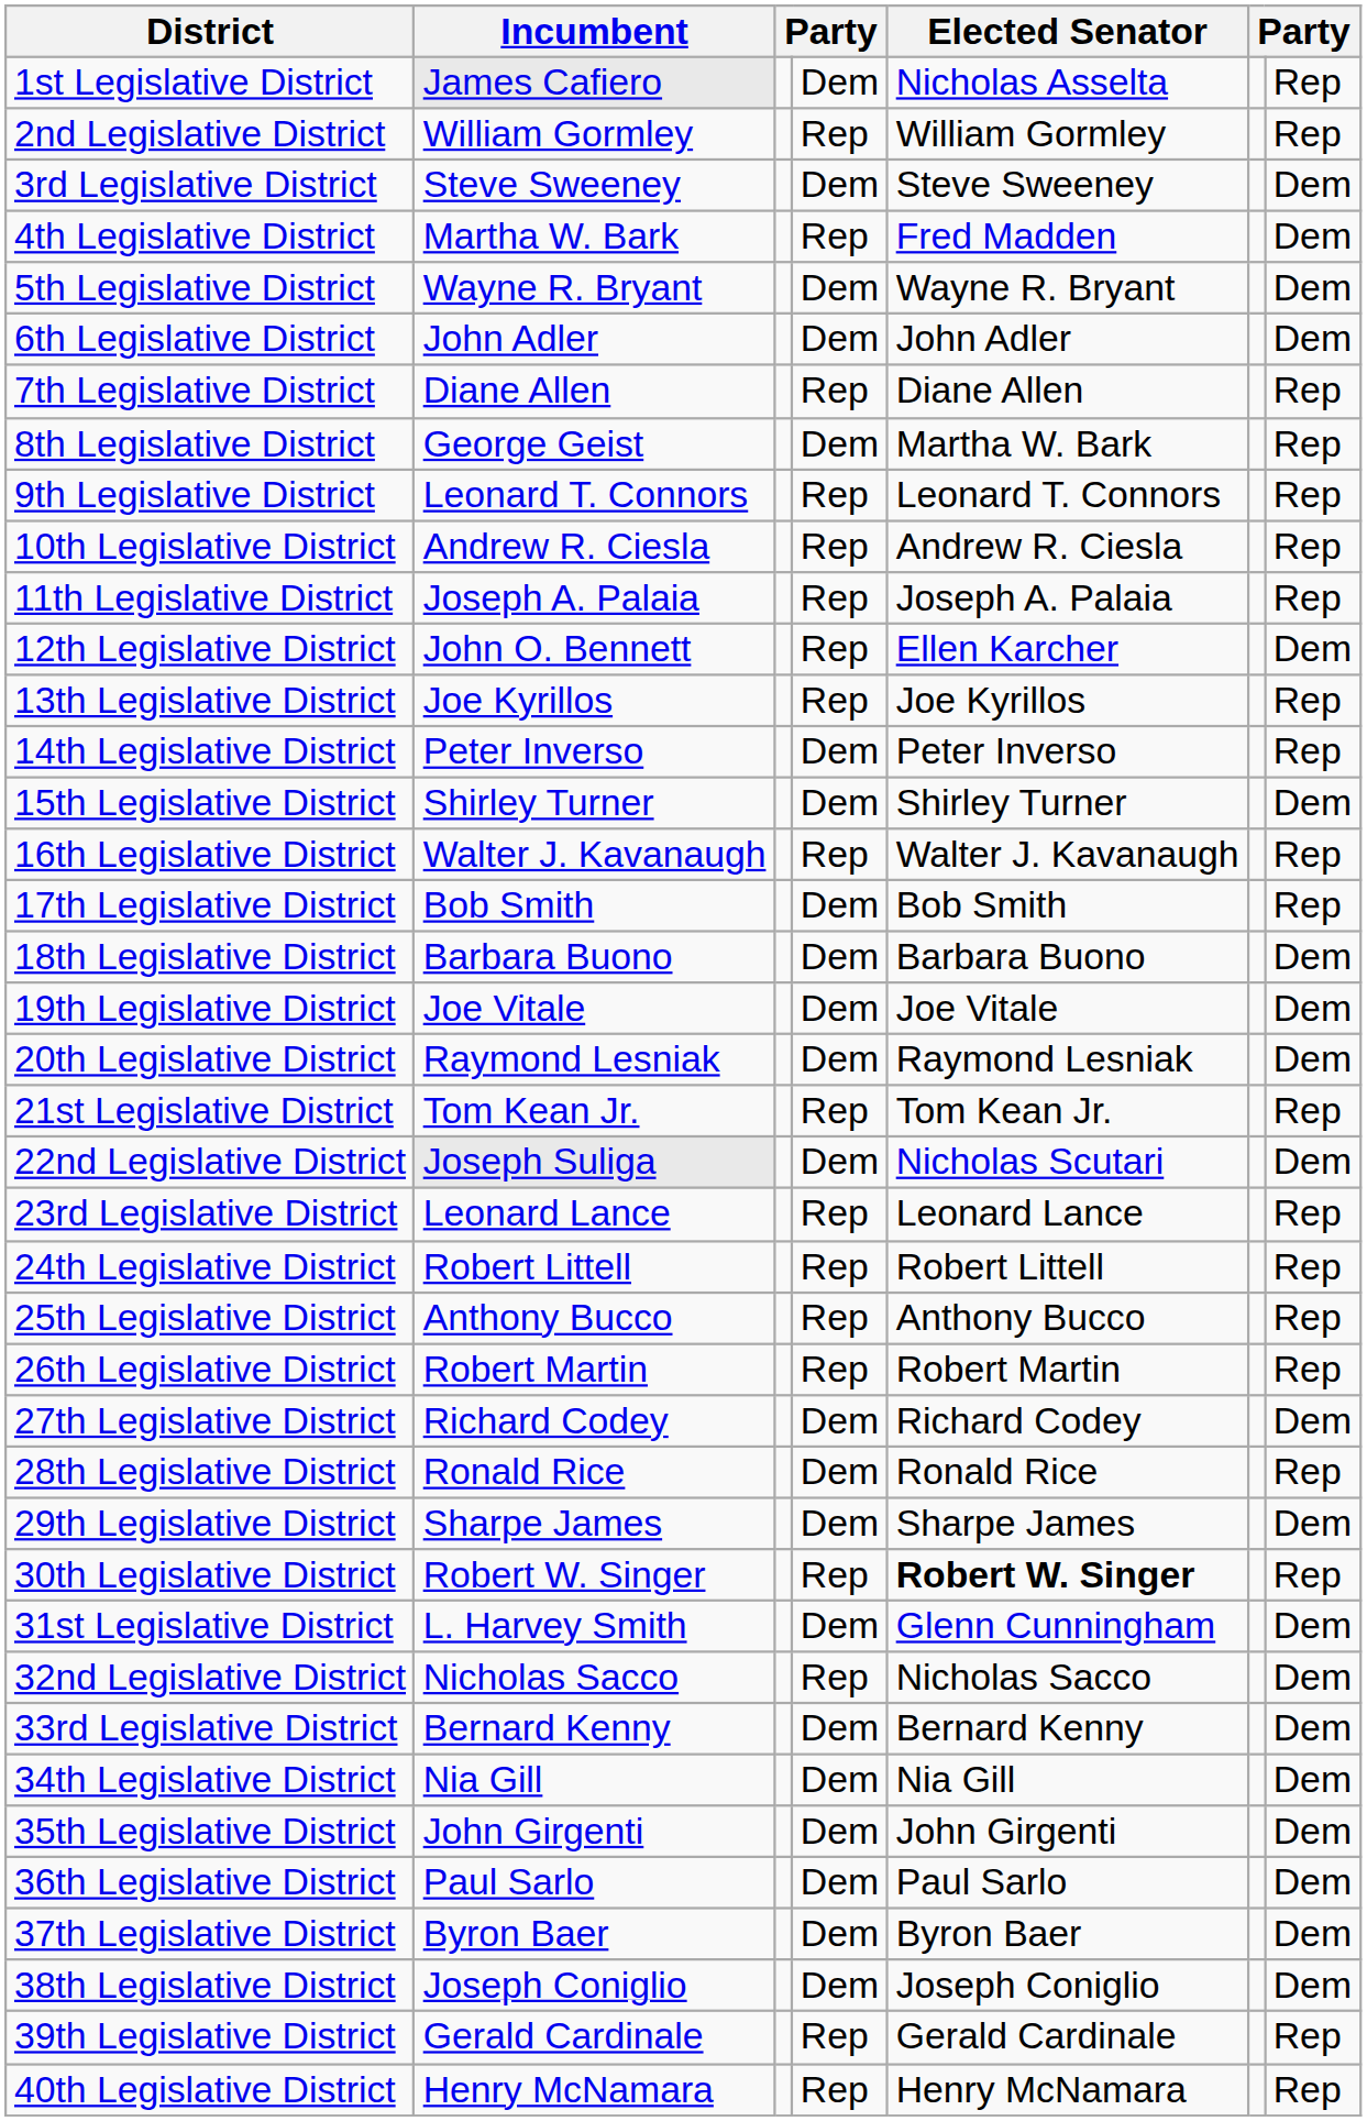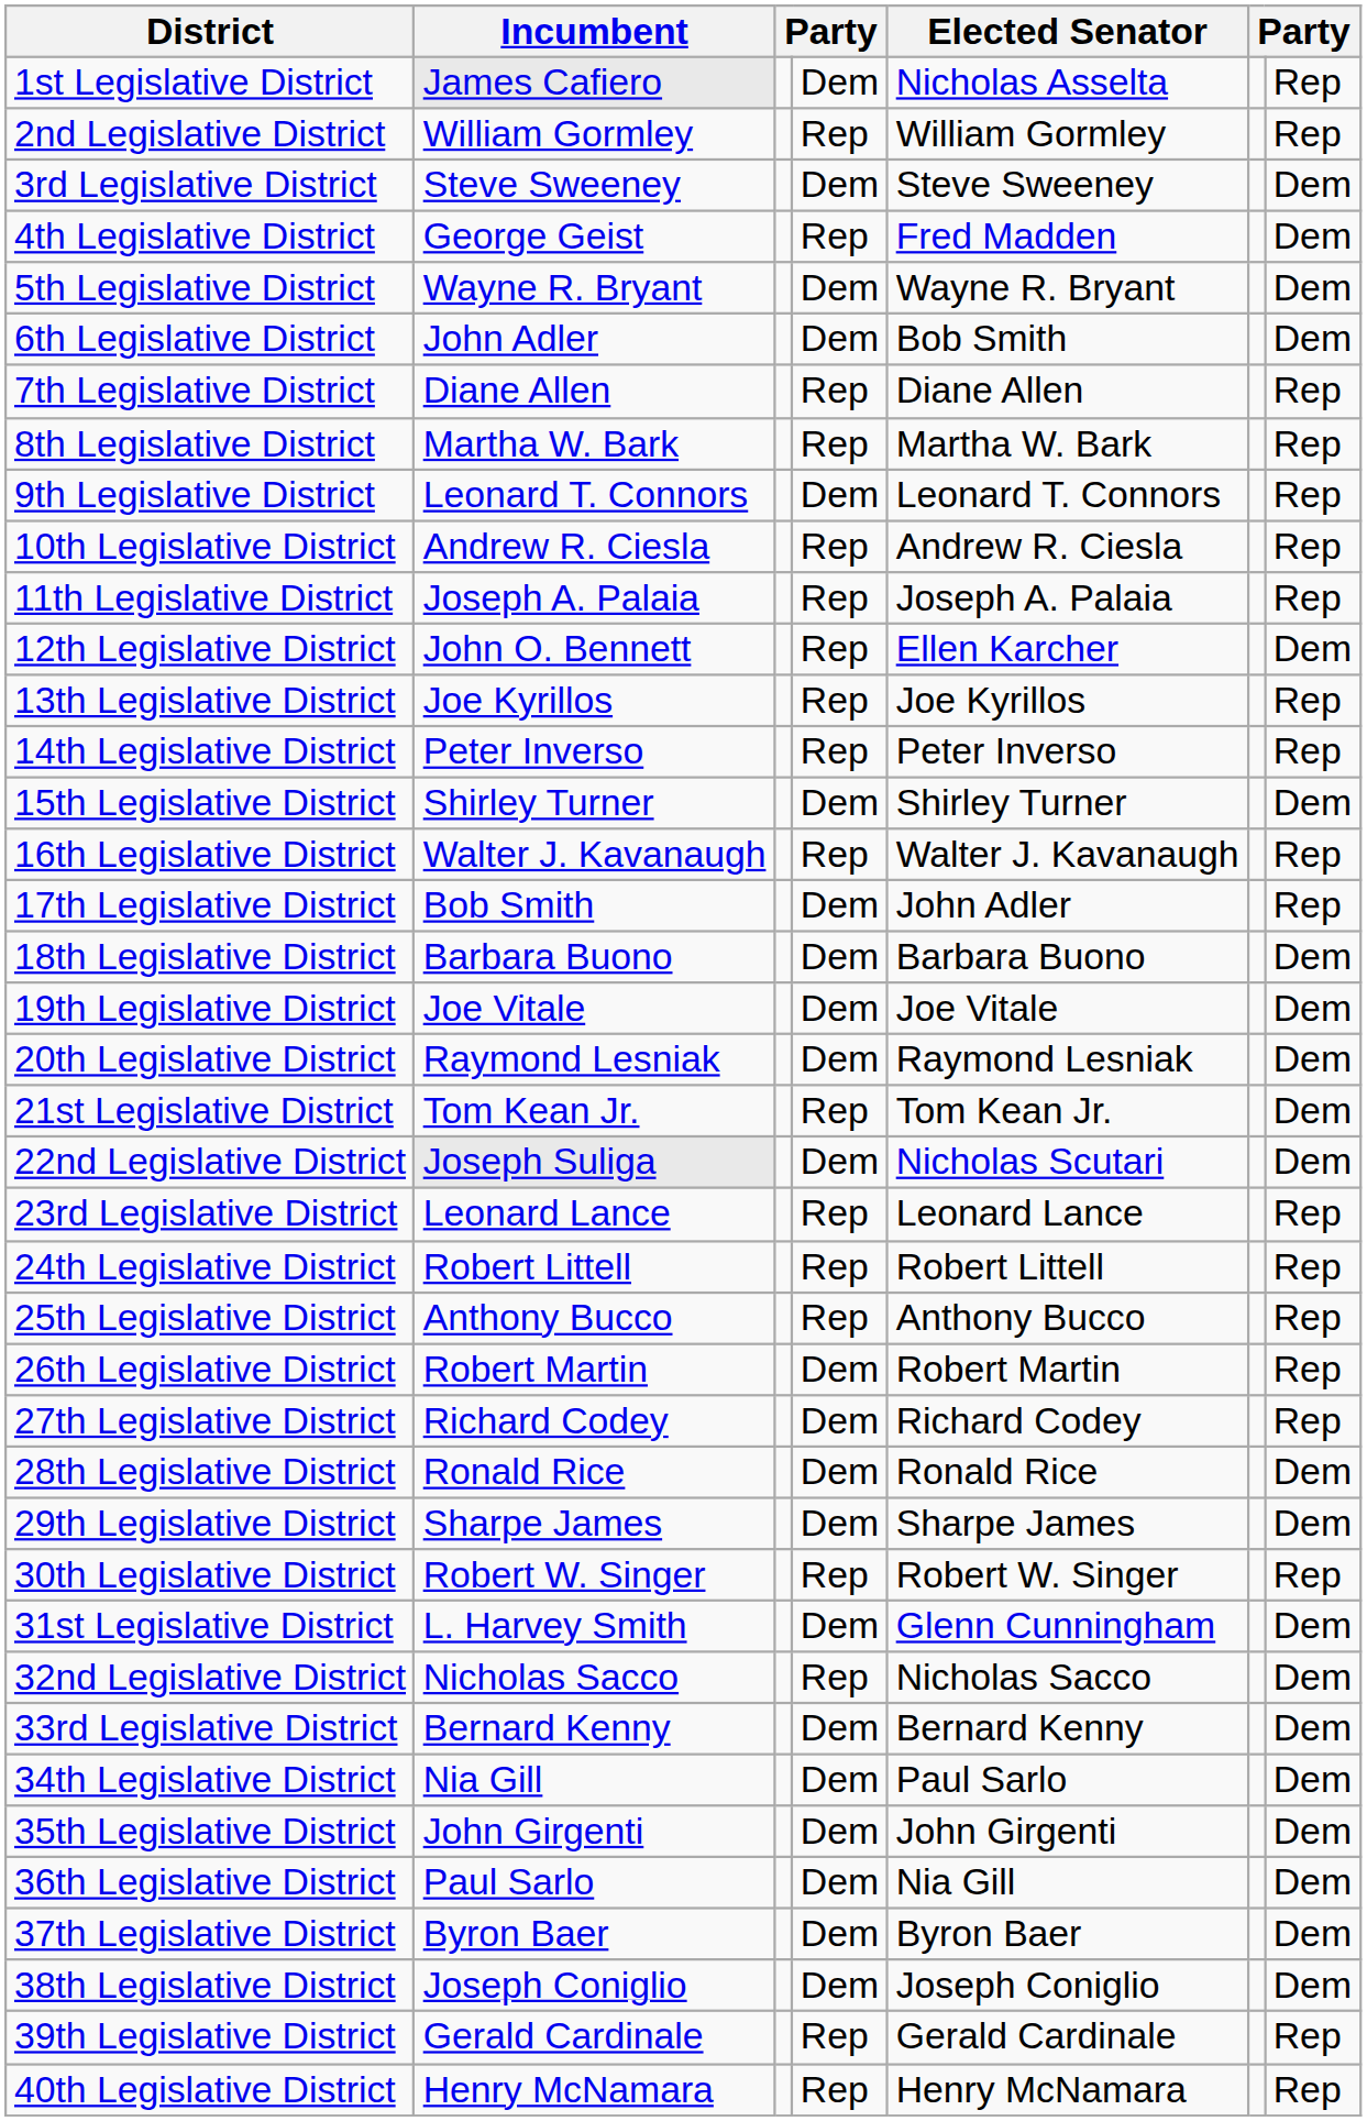 <table class="sortable wikitable" style="font-size:95%;line-height:14px;">
 <tr>
 <th>District</th>
 <th class="unsortable"><a href='#'>Incumbent</a></th>
 <th colspan="2">Party</th>
 <th class="unsortable">Elected Senator</th>
 <th colspan="2">Party</th>
 </tr>
 <tr>
 <td><a href='#'>1st Legislative District</a></td>
 <td style="background:#E9E9E9;"><a href='#'>James Cafiero</a></td>
 <td style="background:"></td>
 <td>Dem</td>
 <td><a href='#'>Nicholas Asselta</a></td>
 <td style="background:"></td>
 <td>Rep</td>
 </tr>
 <tr>
 <td><a href='#'>2nd Legislative District</a></td>
 <td><a href='#'>William Gormley</a></td>
 <td style="background:"></td>
 <td>Rep</td>
 <td>William Gormley</td>
 <td style="background:"></td>
 <td>Rep</td>
 </tr>
 <tr>
 <td><a href='#'>3rd Legislative District</a></td>
 <td><a href='#'>Steve Sweeney</a></td>
 <td style="background:"></td>
 <td>Dem</td>
 <td>Steve Sweeney</td>
 <td style="background:"></td>
 <td>Dem</td>
 </tr>
 <tr>
 <td><a href='#'>4th Legislative District</a></td>
-<td><a href='#'>Martha W. Bark</a></td>
+<td><a href='#'>George Geist</a></td>
 <td style="background:"></td>
 <td>Rep</td>
 <td><a href='#'>Fred Madden</a></td>
 <td style="background:"></td>
 <td>Dem</td>
 </tr>
 <tr>
 <td><a href='#'>5th Legislative District</a></td>
 <td><a href='#'>Wayne R. Bryant</a></td>
 <td style="background:"></td>
 <td>Dem</td>
 <td>Wayne R. Bryant</td>
 <td style="background:"></td>
 <td>Dem</td>
 </tr>
 <tr>
 <td><a href='#'>6th Legislative District</a></td>
 <td><a href='#'>John Adler</a></td>
 <td style="background:"></td>
 <td>Dem</td>
-<td>John Adler</td>
+<td>Bob Smith</td>
 <td style="background:"></td>
 <td>Dem</td>
 </tr>
 <tr>
 <td><a href='#'>7th Legislative District</a></td>
 <td><a href='#'>Diane Allen</a></td>
 <td style="background:"></td>
 <td>Rep</td>
 <td>Diane Allen</td>
 <td style="background:"></td>
 <td>Rep</td>
 </tr>
 <tr>
 <td><a href='#'>8th Legislative District</a></td>
-<td><a href='#'>George Geist</a></td>
+<td><a href='#'>Martha W. Bark</a></td>
 <td style="background:"></td>
-<td>Dem</td>
+<td>Rep</td>
 <td>Martha W. Bark</td>
 <td style="background:"></td>
 <td>Rep</td>
 </tr>
 <tr>
 <td><a href='#'>9th Legislative District</a></td>
 <td><a href='#'>Leonard T. Connors</a></td>
 <td style="background:"></td>
-<td>Rep</td>
+<td>Dem</td>
 <td>Leonard T. Connors</td>
 <td style="background:"></td>
 <td>Rep</td>
 </tr>
 <tr>
 <td><a href='#'>10th Legislative District</a></td>
 <td><a href='#'>Andrew R. Ciesla</a></td>
 <td style="background:"></td>
 <td>Rep</td>
 <td>Andrew R. Ciesla</td>
 <td style="background:"></td>
 <td>Rep</td>
 </tr>
 <tr>
 <td><a href='#'>11th Legislative District</a></td>
 <td><a href='#'>Joseph A. Palaia</a></td>
 <td style="background:"></td>
 <td>Rep</td>
 <td>Joseph A. Palaia</td>
 <td style="background:"></td>
 <td>Rep</td>
 </tr>
 <tr>
 <td><a href='#'>12th Legislative District</a></td>
 <td><a href='#'>John O. Bennett</a></td>
 <td style="background:"></td>
 <td>Rep</td>
 <td><a href='#'>Ellen Karcher</a></td>
 <td style="background:"></td>
 <td>Dem</td>
 </tr>
 <tr>
 <td><a href='#'>13th Legislative District</a></td>
 <td><a href='#'>Joe Kyrillos</a></td>
 <td style="background:"></td>
 <td>Rep</td>
 <td>Joe Kyrillos</td>
 <td style="background:"></td>
 <td>Rep</td>
 </tr>
 <tr>
 <td><a href='#'>14th Legislative District</a></td>
 <td><a href='#'>Peter Inverso</a></td>
 <td style="background:"></td>
-<td>Dem</td>
+<td>Rep</td>
 <td>Peter Inverso</td>
 <td style="background:"></td>
 <td>Rep</td>
 </tr>
 <tr>
 <td><a href='#'>15th Legislative District</a></td>
 <td><a href='#'>Shirley Turner</a></td>
 <td style="background:"></td>
 <td>Dem</td>
 <td>Shirley Turner</td>
 <td style="background:"></td>
 <td>Dem</td>
 </tr>
 <tr>
 <td><a href='#'>16th Legislative District</a></td>
 <td><a href='#'>Walter J. Kavanaugh</a></td>
 <td style="background:"></td>
 <td>Rep</td>
 <td>Walter J. Kavanaugh</td>
 <td style="background:"></td>
 <td>Rep</td>
 </tr>
 <tr>
 <td><a href='#'>17th Legislative District</a></td>
 <td><a href='#'>Bob Smith</a></td>
 <td style="background:"></td>
 <td>Dem</td>
-<td>Bob Smith</td>
+<td>John Adler</td>
 <td style="background:"></td>
 <td>Rep</td>
 </tr>
 <tr>
 <td><a href='#'>18th Legislative District</a></td>
 <td><a href='#'>Barbara Buono</a></td>
 <td style="background:"></td>
 <td>Dem</td>
 <td>Barbara Buono</td>
 <td style="background:"></td>
 <td>Dem</td>
 </tr>
 <tr>
 <td><a href='#'>19th Legislative District</a></td>
 <td><a href='#'>Joe Vitale</a></td>
 <td style="background:"></td>
 <td>Dem</td>
 <td>Joe Vitale</td>
 <td style="background:"></td>
 <td>Dem</td>
 </tr>
 <tr>
 <td><a href='#'>20th Legislative District</a></td>
 <td><a href='#'>Raymond Lesniak</a></td>
 <td style="background:"></td>
 <td>Dem</td>
 <td>Raymond Lesniak</td>
 <td style="background:"></td>
 <td>Dem</td>
 </tr>
 <tr>
 <td><a href='#'>21st Legislative District</a></td>
 <td><a href='#'>Tom Kean Jr.</a></td>
 <td style="background:"></td>
 <td>Rep</td>
 <td>Tom Kean Jr.</td>
 <td style="background:"></td>
-<td>Rep</td>
+<td>Dem</td>
 </tr>
 <tr>
 <td><a href='#'>22nd Legislative District</a></td>
 <td style="background:#E9E9E9;"><a href='#'>Joseph Suliga</a></td>
 <td style="background:"></td>
 <td>Dem</td>
 <td><a href='#'>Nicholas Scutari</a></td>
 <td style="background:"></td>
 <td>Dem</td>
 </tr>
 <tr>
 <td><a href='#'>23rd Legislative District</a></td>
 <td><a href='#'>Leonard Lance</a></td>
 <td style="background:"></td>
 <td>Rep</td>
 <td>Leonard Lance</td>
 <td style="background:"></td>
 <td>Rep</td>
 </tr>
 <tr>
 <td><a href='#'>24th Legislative District</a></td>
 <td><a href='#'>Robert Littell</a></td>
 <td style="background:"></td>
 <td>Rep</td>
 <td>Robert Littell</td>
 <td style="background:"></td>
 <td>Rep</td>
 </tr>
 <tr>
 <td><a href='#'>25th Legislative District</a></td>
 <td><a href='#'>Anthony Bucco</a></td>
 <td style="background:"></td>
 <td>Rep</td>
 <td>Anthony Bucco</td>
 <td style="background:"></td>
 <td>Rep</td>
 </tr>
 <tr>
 <td><a href='#'>26th Legislative District</a></td>
 <td><a href='#'>Robert Martin</a></td>
 <td style="background:"></td>
-<td>Rep</td>
+<td>Dem</td>
 <td>Robert Martin</td>
 <td style="background:"></td>
 <td>Rep</td>
 </tr>
 <tr>
 <td><a href='#'>27th Legislative District</a></td>
 <td><a href='#'>Richard Codey</a></td>
 <td style="background:"></td>
 <td>Dem</td>
 <td>Richard Codey</td>
 <td style="background:"></td>
-<td>Dem</td>
+<td>Rep</td>
 </tr>
 <tr>
 <td><a href='#'>28th Legislative District</a></td>
 <td><a href='#'>Ronald Rice</a></td>
 <td style="background:"></td>
 <td>Dem</td>
 <td>Ronald Rice</td>
 <td style="background:"></td>
-<td>Rep</td>
+<td>Dem</td>
 </tr>
 <tr>
 <td><a href='#'>29th Legislative District</a></td>
 <td><a href='#'>Sharpe James</a></td>
 <td style="background:"></td>
 <td>Dem</td>
 <td>Sharpe James</td>
 <td style="background:"></td>
 <td>Dem</td>
 </tr>
 <tr>
 <td><a href='#'>30th Legislative District</a></td>
 <td><a href='#'>Robert W. Singer</a></td>
 <td style="background:"></td>
 <td>Rep</td>
-<td><strong>Robert W. Singer</strong></td>
+<td>Robert W. Singer</td>
 <td style="background:"></td>
 <td>Rep</td>
 </tr>
 <tr>
 <td><a href='#'>31st Legislative District</a></td>
 <td><a href='#'>L. Harvey Smith</a></td>
 <td style="background:"></td>
 <td>Dem</td>
 <td><a href='#'>Glenn Cunningham</a></td>
 <td style="background:"></td>
 <td>Dem</td>
 </tr>
 <tr>
 <td><a href='#'>32nd Legislative District</a></td>
 <td><a href='#'>Nicholas Sacco</a></td>
 <td style="background:"></td>
 <td>Rep</td>
 <td>Nicholas Sacco</td>
 <td style="background:"></td>
 <td>Dem</td>
 </tr>
 <tr>
 <td><a href='#'>33rd Legislative District</a></td>
 <td><a href='#'>Bernard Kenny</a></td>
 <td style="background:"></td>
 <td>Dem</td>
 <td>Bernard Kenny</td>
 <td style="background:"></td>
 <td>Dem</td>
 </tr>
 <tr>
 <td><a href='#'>34th Legislative District</a></td>
 <td><a href='#'>Nia Gill</a></td>
 <td style="background:"></td>
 <td>Dem</td>
-<td>Nia Gill</td>
+<td>Paul Sarlo</td>
 <td style="background:"></td>
 <td>Dem</td>
 </tr>
 <tr>
 <td><a href='#'>35th Legislative District</a></td>
 <td><a href='#'>John Girgenti</a></td>
 <td style="background:"></td>
 <td>Dem</td>
 <td>John Girgenti</td>
 <td style="background:"></td>
 <td>Dem</td>
 </tr>
 <tr>
 <td><a href='#'>36th Legislative District</a></td>
 <td><a href='#'>Paul Sarlo</a></td>
 <td style="background:"></td>
 <td>Dem</td>
-<td>Paul Sarlo</td>
+<td>Nia Gill</td>
 <td style="background:"></td>
 <td>Dem</td>
 </tr>
 <tr>
 <td><a href='#'>37th Legislative District</a></td>
 <td><a href='#'>Byron Baer</a></td>
 <td style="background:"></td>
 <td>Dem</td>
 <td>Byron Baer</td>
 <td style="background:"></td>
 <td>Dem</td>
 </tr>
 <tr>
 <td><a href='#'>38th Legislative District</a></td>
 <td><a href='#'>Joseph Coniglio</a></td>
 <td style="background:"></td>
 <td>Dem</td>
 <td>Joseph Coniglio</td>
 <td style="background:"></td>
 <td>Dem</td>
 </tr>
 <tr>
 <td><a href='#'>39th Legislative District</a></td>
 <td><a href='#'>Gerald Cardinale</a></td>
 <td style="background:"></td>
 <td>Rep</td>
 <td>Gerald Cardinale</td>
 <td style="background:"></td>
 <td>Rep</td>
 </tr>
 <tr>
 <td><a href='#'>40th Legislative District</a></td>
 <td><a href='#'>Henry McNamara</a></td>
 <td style="background:"></td>
 <td>Rep</td>
 <td>Henry McNamara</td>
 <td style="background:"></td>
 <td>Rep</td>
 </tr>
 </table>
